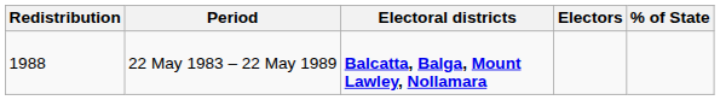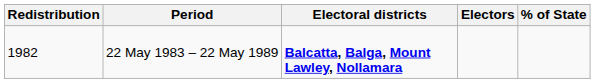 <table class="wikitable">
 <tr>
 <th>Redistribution</th>
 <th>Period</th>
 <th>Electoral districts</th>
 <th>Electors</th>
 <th>% of State</th>
 </tr>
 <tr>
-<td>1988</td>
+<td>1982</td>
 <td>22 May 1983 – 22 May 1989</td>
 <td width=200><strong><br><a href='#'>Balcatta</a>,  <a href='#'>Balga</a>,  <a href='#'>Mount Lawley</a>,  <a href='#'>Nollamara</a></strong></td>
 <td align=right></td>
 <td align=right></td>
 </tr>
 </table>
